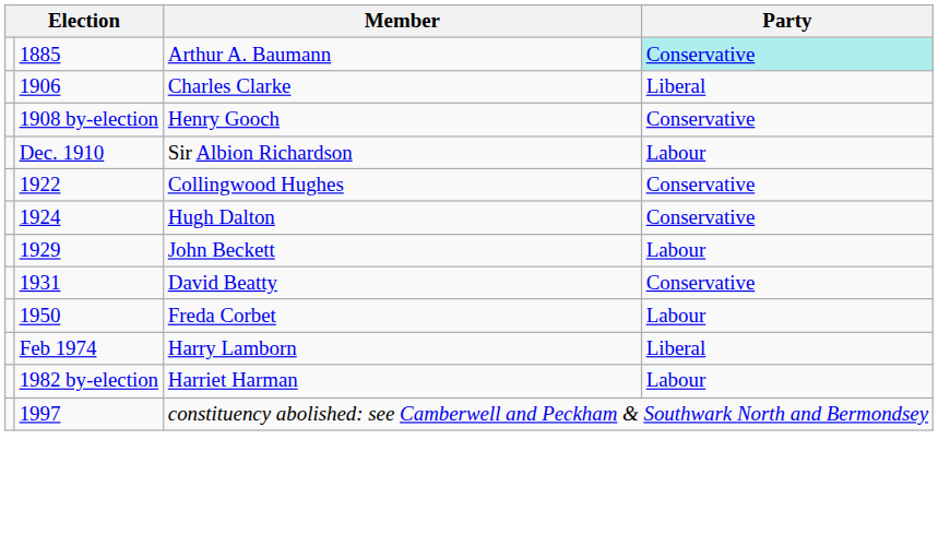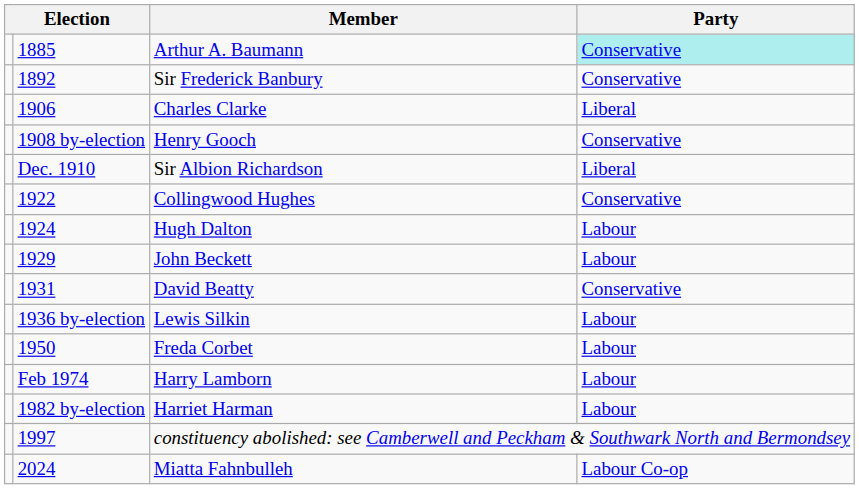 <table class="wikitable">
 <tr>
 <th colspan="2">Election</th>
 <th>Member</th>
 <th>Party</th>
 </tr>
 <tr>
 <td style="color:inherit;background-color: "></td>
 <td><a href='#'>1885</a></td>
 <td><a href='#'>Arthur A. Baumann</a></td>
 <td style="background: paleturquoise;"><a href='#'>Conservative</a></td>
+</tr>
+<tr>
+<td style="color:inherit;background-color: "></td>
+<td><a href='#'>1892</a></td>
+<td>Sir <a href='#'>Frederick Banbury</a></td>
+<td><a href='#'>Conservative</a></td>
 </tr>
 <tr>
 <td style="color:inherit;background-color: "></td>
 <td><a href='#'>1906</a></td>
 <td><a href='#'>Charles Clarke</a></td>
 <td><a href='#'>Liberal</a></td>
 </tr>
 <tr>
 <td style="color:inherit;background-color: "></td>
 <td><a href='#'>1908 by-election</a></td>
 <td><a href='#'>Henry Gooch</a></td>
 <td><a href='#'>Conservative</a></td>
 </tr>
 <tr>
 <td style="color:inherit;background-color: "></td>
 <td><a href='#'>Dec. 1910</a></td>
 <td>Sir <a href='#'>Albion Richardson</a></td>
-<td><a href='#'>Labour</a></td>
+<td><a href='#'>Liberal</a></td>
 </tr>
 <tr>
 <td style="color:inherit;background-color: "></td>
 <td><a href='#'>1922</a></td>
 <td><a href='#'>Collingwood Hughes</a></td>
 <td><a href='#'>Conservative</a></td>
 </tr>
 <tr>
 <td style="color:inherit;background-color: "></td>
 <td><a href='#'>1924</a></td>
 <td><a href='#'>Hugh Dalton</a></td>
-<td><a href='#'>Conservative</a></td>
+<td><a href='#'>Labour</a></td>
 </tr>
 <tr>
 <td style="color:inherit;background-color: "></td>
 <td><a href='#'>1929</a></td>
 <td><a href='#'>John Beckett</a></td>
 <td><a href='#'>Labour</a></td>
 </tr>
 <tr>
 <td style="color:inherit;background-color: "></td>
 <td><a href='#'>1931</a></td>
 <td><a href='#'>David Beatty</a></td>
 <td><a href='#'>Conservative</a></td>
 </tr>
 <tr>
 <td style="color:inherit;background-color: "></td>
+<td><a href='#'>1936 by-election</a></td>
+<td><a href='#'>Lewis Silkin</a></td>
+<td><a href='#'>Labour</a></td>
+</tr>
+<tr>
+<td style="color:inherit;background-color: "></td>
 <td><a href='#'>1950</a></td>
 <td><a href='#'>Freda Corbet</a></td>
 <td><a href='#'>Labour</a></td>
 </tr>
 <tr>
 <td style="color:inherit;background-color: "></td>
 <td><a href='#'>Feb 1974</a></td>
 <td><a href='#'>Harry Lamborn</a></td>
-<td><a href='#'>Liberal</a></td>
+<td><a href='#'>Labour</a></td>
 </tr>
 <tr>
 <td style="color:inherit;background-color: "></td>
 <td><a href='#'>1982 by-election</a></td>
 <td><a href='#'>Harriet Harman</a></td>
 <td><a href='#'>Labour</a></td>
 </tr>
 <tr>
 <td></td>
 <td><a href='#'>1997</a></td>
 <td colspan="2"><em>constituency abolished: see <a href='#'>Camberwell and Peckham</a> & <a href='#'>Southwark North and Bermondsey</a></em></td>
 </tr>
+<tr>
+<td style="color:inherit;background-color: "></td>
+<td><a href='#'>2024</a></td>
+<td><a href='#'>Miatta Fahnbulleh</a></td>
+<td><a href='#'>Labour Co-op</a></td>
+</tr>
 </table>
